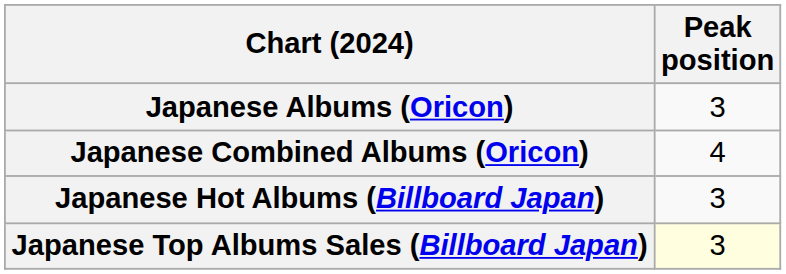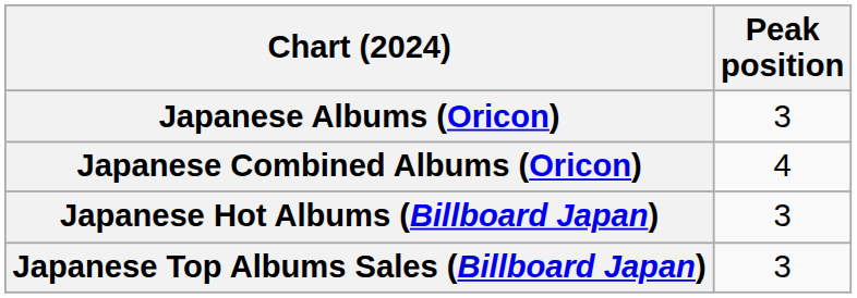 <table class="wikitable sortable plainrowheaders">
 <tr>
 <th scope="col">Chart (2024)</th>
 <th scope="col">Peak<br>position</th>
 </tr>
 <tr>
 <th scope="row">Japanese Albums (<a href='#'>Oricon</a>)</th>
 <td align="center">3</td>
 </tr>
 <tr>
 <th scope="row">Japanese Combined Albums (<a href='#'>Oricon</a>)</th>
 <td align="center">4</td>
 </tr>
 <tr>
 <th scope="row">Japanese Hot Albums (<em><a href='#'>Billboard Japan</a></em>)</th>
 <td align="center">3</td>
 </tr>
 <tr>
 <th scope="row">Japanese Top Albums Sales (<em><a href='#'>Billboard Japan</a></em>)</th>
-<td align="center" style="background: lightyellow;">3</td>
+<td align="center">3</td>
 </tr>
 </table>
